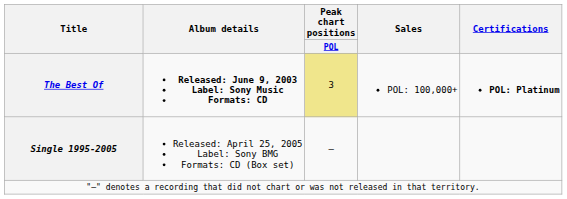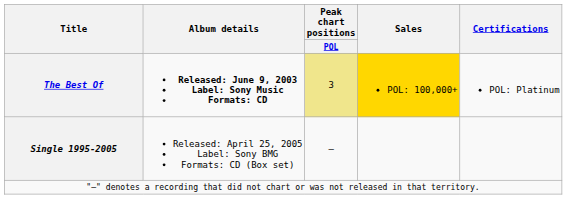 <table class="wikitable plainrowheaders" style="text-align:center;">
 <tr>
 <th scope="col" rowspan="2" style="width:15em;">Title</th>
 <th scope="col" rowspan="2">Album details</th>
 <th scope="col" colspan="1">Peak chart positions</th>
 <th scope="col" rowspan="2">Sales</th>
 <th scope="col" rowspan="2"><a href='#'>Certifications</a></th>
 </tr>
 <tr>
 <th scope="col" style="width:3em;font-size:90%;"><a href='#'>POL</a><br></th>
 </tr>
 <tr>
 <th scope="row"><em><a href='#'>The Best Of</a></em></th>
 <td><strong><br><ul><li>Released: June 9, 2003</li><li>Label: Sony Music</li><li>Formats: CD</li></ul></strong></td>
 <td style="background: khaki;">3</td>
-<td><br><ul><li>POL: 100,000+</li></ul></td>
-<td><strong><br><ul><li>POL: Platinum</li></ul></strong></td>
+<td style="background: gold;"><br><ul><li>POL: 100,000+</li></ul></td>
+<td><br><ul><li>POL: Platinum</li></ul></td>
 </tr>
 <tr>
 <th scope="row"><em>Single 1995-2005</em></th>
 <td><br><ul><li>Released: April 25, 2005</li><li>Label: Sony BMG</li><li>Formats: CD (Box set)</li></ul></td>
 <td>—</td>
 <td></td>
 <td></td>
 </tr>
 <tr>
 <td colspan="20" style="font-size:90%">"—" denotes a recording that did not chart or was not released in that territory.</td>
 </tr>
 </table>
